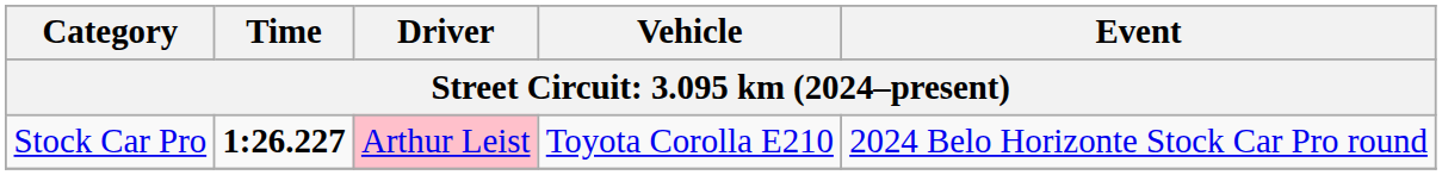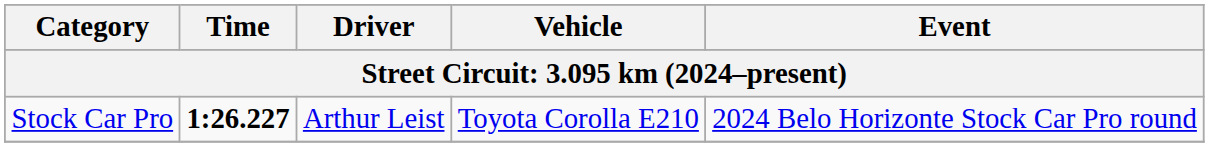 <table class="wikitable">
 <tr>
 <th>Category</th>
 <th>Time</th>
 <th>Driver</th>
 <th>Vehicle</th>
 <th>Event</th>
 </tr>
 <tr>
 <th colspan=5>Street Circuit: 3.095 km (2024–present)</th>
 </tr>
 <tr>
 <td><a href='#'>Stock Car Pro</a></td>
 <td><strong>1:26.227</strong></td>
-<td style="background: pink;"><a href='#'>Arthur Leist</a></td>
+<td><a href='#'>Arthur Leist</a></td>
 <td><a href='#'>Toyota Corolla E210</a></td>
 <td><a href='#'>2024 Belo Horizonte Stock Car Pro round</a></td>
 </tr>
 <tr>
 </tr>
 </table>
